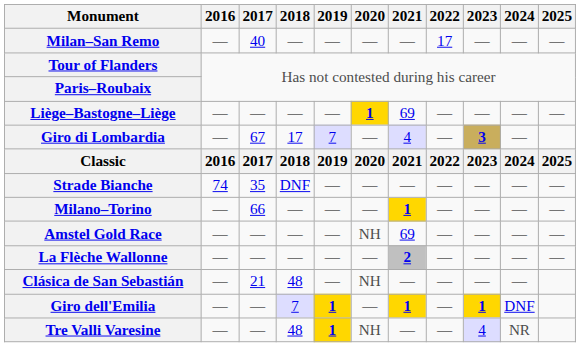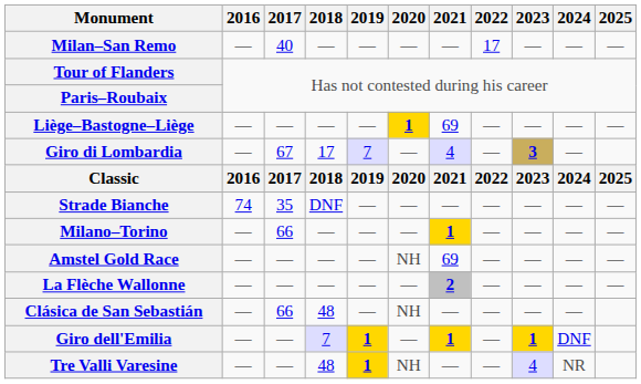 <table class="wikitable plainrowheaders">
 <tr>
 <th scope="col" width=200>Monument</th>
 <th scope="col">2016</th>
 <th scope="col">2017</th>
 <th scope="col">2018</th>
 <th scope="col">2019</th>
 <th scope="col">2020</th>
 <th scope="col">2021</th>
 <th scope="col">2022</th>
 <th scope="col">2023</th>
 <th scope="col">2024</th>
 <th scope="col">2025</th>
 </tr>
 <tr style="text-align:center;">
 <th scope="row"><a href='#'>Milan–San Remo</a></th>
 <td>—</td>
 <td><a href='#'>40</a></td>
 <td>—</td>
 <td>—</td>
 <td>—</td>
 <td>—</td>
 <td><a href='#'>17</a></td>
 <td>—</td>
 <td>—</td>
 <td>—</td>
 </tr>
 <tr style="text-align:center;">
 <th scope="row"><a href='#'>Tour of Flanders</a></th>
 <td style="color:#4d4d4d;" colspan=10 rowspan=2>Has not contested during his career</td>
 </tr>
 <tr style="text-align:center;">
 <th scope="row"><a href='#'>Paris–Roubaix</a></th>
 </tr>
 <tr style="text-align:center;">
 <th scope="row"><a href='#'>Liège–Bastogne–Liège</a></th>
 <td>—</td>
 <td>—</td>
 <td>—</td>
 <td>—</td>
 <td style="background:gold;"><a href='#'><strong>1</strong></a></td>
 <td><a href='#'>69</a></td>
 <td>—</td>
 <td>—</td>
 <td>—</td>
 <td>—</td>
 </tr>
 <tr style="text-align:center;">
 <th scope="row"><a href='#'>Giro di Lombardia</a></th>
 <td>—</td>
 <td><a href='#'>67</a></td>
 <td><a href='#'>17</a></td>
 <td style="background:#ddf;"><a href='#'>7</a></td>
 <td>—</td>
 <td style="background:#ddf;"><a href='#'>4</a></td>
 <td>—</td>
 <td style="background:#C9AE5D;"><a href='#'><strong>3</strong></a></td>
 <td>—</td>
 <td></td>
 </tr>
 <tr>
 <th>Classic</th>
 <th scope="col">2016</th>
 <th scope="col">2017</th>
 <th scope="col">2018</th>
 <th scope="col">2019</th>
 <th scope="col">2020</th>
 <th scope="col">2021</th>
 <th scope="col">2022</th>
 <th scope="col">2023</th>
 <th scope="col">2024</th>
 <th scope="col">2025</th>
 </tr>
 <tr style="text-align:center;">
 <th scope="row"><a href='#'>Strade Bianche</a></th>
 <td><a href='#'>74</a></td>
 <td><a href='#'>35</a></td>
 <td><a href='#'>DNF</a></td>
 <td>—</td>
 <td>—</td>
 <td>—</td>
 <td>—</td>
 <td>—</td>
 <td>—</td>
 <td>—</td>
 </tr>
 <tr style="text-align:center;">
 <th scope="row"><a href='#'>Milano–Torino</a></th>
 <td>—</td>
 <td><a href='#'>66</a></td>
 <td>—</td>
 <td>—</td>
 <td>—</td>
 <td style="background:gold;"><a href='#'><strong>1</strong></a></td>
 <td>—</td>
 <td>—</td>
 <td>—</td>
 <td>—</td>
 </tr>
 <tr style="text-align:center;">
 <th scope="row"><a href='#'>Amstel Gold Race</a></th>
 <td>—</td>
 <td>—</td>
 <td>—</td>
 <td>—</td>
 <td style="color:#4d4d4d;">NH</td>
 <td><a href='#'>69</a></td>
 <td>—</td>
 <td>—</td>
 <td>—</td>
 <td>—</td>
 </tr>
 <tr style="text-align:center;">
 <th scope="row"><a href='#'>La Flèche Wallonne</a></th>
 <td>—</td>
 <td>—</td>
 <td>—</td>
 <td>—</td>
 <td>—</td>
 <td style="background:silver;"><a href='#'><strong>2</strong></a></td>
 <td>—</td>
 <td>—</td>
 <td>—</td>
 <td>—</td>
 </tr>
 <tr style="text-align:center;">
 <th scope="row"><a href='#'>Clásica de San Sebastián</a></th>
 <td>—</td>
-<td><a href='#'>21</a></td>
+<td><a href='#'>66</a></td>
 <td><a href='#'>48</a></td>
 <td>—</td>
 <td style="color:#4d4d4d;">NH</td>
 <td>—</td>
 <td>—</td>
 <td>—</td>
 <td>—</td>
 <td></td>
 </tr>
 <tr style="text-align:center;">
 <th scope="row"><a href='#'>Giro dell'Emilia</a></th>
 <td>—</td>
 <td>—</td>
 <td style="background:#ddf;"><a href='#'>7</a></td>
 <td style="background:gold;"><a href='#'><strong>1</strong></a></td>
 <td>—</td>
 <td style="background:gold;"><a href='#'><strong>1</strong></a></td>
 <td>—</td>
 <td style="background:gold;"><a href='#'><strong>1</strong></a></td>
 <td><a href='#'>DNF</a></td>
 <td></td>
 </tr>
 <tr style="text-align:center;">
 <th scope="row"><a href='#'>Tre Valli Varesine</a></th>
 <td>—</td>
 <td>—</td>
 <td><a href='#'>48</a></td>
 <td style="background:gold;"><a href='#'><strong>1</strong></a></td>
 <td style="color:#4d4d4d;">NH</td>
 <td>—</td>
 <td>—</td>
 <td style="background:#ddf;"><a href='#'>4</a></td>
 <td style="color:#4d4d4d;">NR</td>
 <td></td>
 </tr>
 </table>
